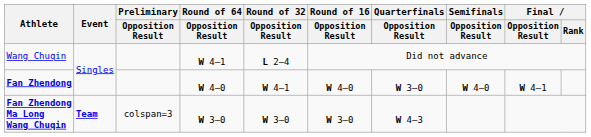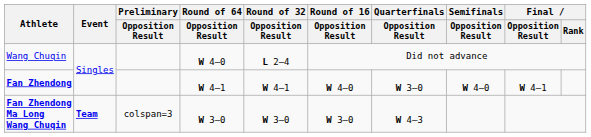 <table class=wikitable style=font-size:90%;text-align:center>
 <tr>
 <th rowspan=2>Athlete</th>
 <th rowspan=2>Event</th>
 <th>Preliminary</th>
 <th>Round of 64</th>
 <th>Round of 32</th>
 <th>Round of 16</th>
 <th>Quarterfinals</th>
 <th>Semifinals</th>
 <th colspan=2>Final / </th>
 </tr>
 <tr style=font-size:95%>
 <th>Opposition<br>Result</th>
 <th>Opposition<br>Result</th>
 <th>Opposition<br>Result</th>
 <th>Opposition<br>Result</th>
 <th>Opposition<br>Result</th>
 <th>Opposition<br>Result</th>
 <th>Opposition<br>Result</th>
 <th>Rank</th>
 </tr>
 <tr>
 <td align=left><a href='#'>Wang Chuqin</a></td>
 <td align=left rowspan=2><a href='#'>Singles</a></td>
 <td></td>
-<td><br><strong>W</strong> 4–1</td>
+<td><br><strong>W</strong> 4–0</td>
 <td><br><strong>L</strong> 2–4</td>
 <td colspan=5>Did not advance</td>
 </tr>
 <tr align=center>
 <td align=left><strong><a href='#'>Fan Zhendong</a></strong></td>
 <td></td>
-<td><br><strong>W</strong> 4–0</td>
+<td><br><strong>W</strong> 4–1</td>
 <td><br><strong>W</strong> 4–1</td>
 <td><br><strong>W</strong> 4–0</td>
 <td><br><strong>W</strong> 3–0</td>
 <td><br><strong>W</strong> 4–0</td>
 <td><br><strong>W</strong> 4–1</td>
 <td></td>
 </tr>
 <tr>
 <td align=left><strong><a href='#'>Fan Zhendong</a><br><a href='#'>Ma Long</a><br><a href='#'>Wang Chuqin</a></strong></td>
 <td align=left><strong><a href='#'>Team</a></strong></td>
 <td>colspan=3 </td>
 <td><br><strong>W</strong> 3–0</td>
 <td><br><strong>W</strong> 3–0</td>
 <td><br><strong>W</strong> 3–0</td>
 <td><br><strong>W</strong> 4–3</td>
 <td></td>
 </tr>
 </table>
